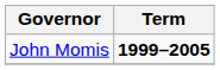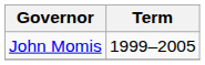 <table class="wikitable">
 <tr>
 <th><strong>Governor</strong></th>
 <th><strong>Term</strong></th>
 </tr>
 <tr>
 <td><a href='#'>John Momis</a></td>
-<td><strong>1999–2005</strong></td>
+<td>1999–2005</td>
 </tr>
 <tr>
 </tr>
 </table>
